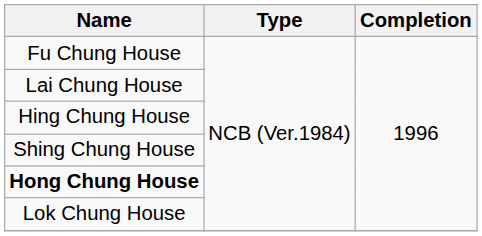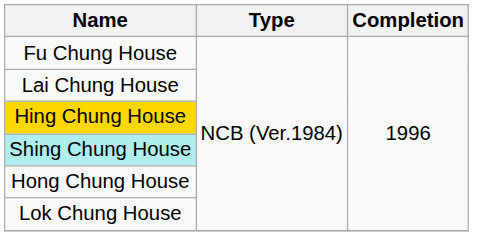 <table class="wikitable" style="text-align: center">
 <tr>
 <th>Name</th>
 <th>Type</th>
 <th>Completion</th>
 </tr>
 <tr>
 <td>Fu Chung House</td>
 <td rowspan="6">NCB (Ver.1984)</td>
 <td rowspan="6">1996</td>
 </tr>
 <tr>
 <td>Lai Chung House</td>
 </tr>
 <tr>
-<td>Hing Chung House</td>
+<td style="background: gold;">Hing Chung House</td>
 </tr>
 <tr>
-<td>Shing Chung House</td>
+<td style="background: paleturquoise;">Shing Chung House</td>
 </tr>
 <tr>
-<td><strong>Hong Chung House</strong></td>
+<td>Hong Chung House</td>
 </tr>
 <tr>
 <td>Lok Chung House</td>
 </tr>
 <tr>
 </tr>
 </table>
